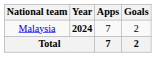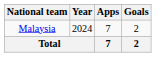 <table class="wikitable" style="text-align:center">
 <tr>
 <th>National team</th>
 <th>Year</th>
 <th>Apps</th>
 <th>Goals</th>
 </tr>
 <tr>
 <td><a href='#'>Malaysia</a></td>
-<td><strong>2024</strong></td>
+<td>2024</td>
 <td>7</td>
 <td>2</td>
 </tr>
 <tr>
 <th colspan=2>Total</th>
 <th>7</th>
 <th>2</th>
 </tr>
 </table>
